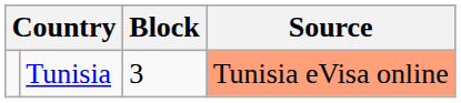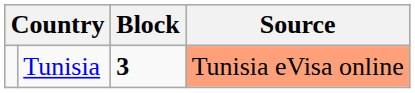 <table class="wikitable">
 <tr>
 <th colspan="2">Country</th>
 <th>Block</th>
 <th>Source</th>
 </tr>
 <tr>
 <td></td>
 <td><a href='#'>Tunisia</a></td>
-<td>3</td>
+<td><strong>3</strong></td>
 <td [https://tunisia-e-visa.com/embassy/tunisian-embassy-in-kuwait-city-kuwait/ Tunisian   Embassy  in Kuwait City  Kuwait style="background: lightsalmon;">Tunisia eVisa online</td>
 </tr>
 </table>
